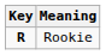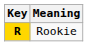 <table class="wikitable" style="text-align:center; font-size: 95%;">
 <tr>
 <th>Key</th>
 <th>Meaning</th>
 </tr>
 <tr>
-<td><strong><span>R</span></strong></td>
+<td style="background: gold;"><strong><span>R</span></strong></td>
 <td>Rookie</td>
 </tr>
 </table>
